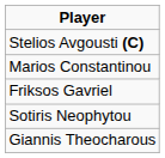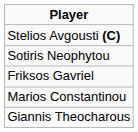 <table class="wikitable">
 <tr style="text-align:center;">
 <td><strong>Player</strong></td>
 </tr>
 <tr>
 <td> Stelios Avgousti <strong>(C)</strong></td>
 </tr>
 <tr>
-<td> Marios Constantinou</td>
+<td> Sotiris Neophytou</td>
 </tr>
 <tr>
 <td> Friksos Gavriel</td>
 </tr>
 <tr>
-<td> Sotiris Neophytou</td>
+<td> Marios Constantinou</td>
 </tr>
 <tr>
 <td> Giannis Theocharous</td>
 </tr>
 </table>
